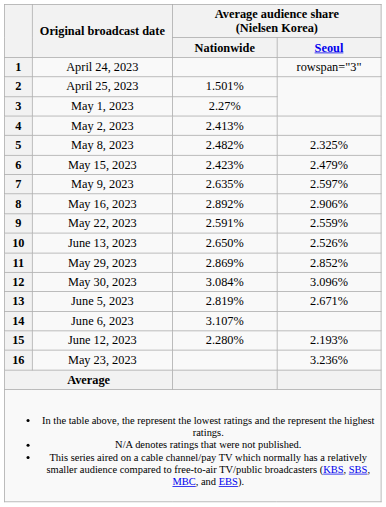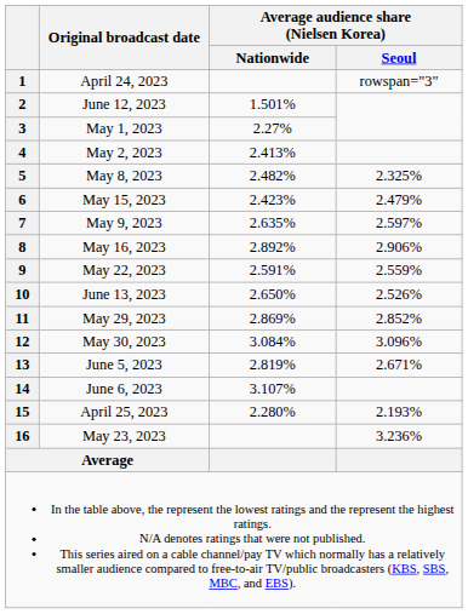 <table class="wikitable" style="margin-left:auto; margin-right:auto; width:490px; text-align:center">
 <tr>
 <th rowspan="2" scope="col"></th>
 <th rowspan="2" scope="col">Original broadcast date</th>
 <th colspan="2" scope="col">Average audience share<br>(Nielsen Korea)</th>
 </tr>
 <tr>
 <th scope="col" style="width:8em">Nationwide</th>
 <th scope="col" style="width:8em"><a href='#'>Seoul</a></th>
 </tr>
 <tr>
 <th scope="col">1</th>
 <td>April 24, 2023</td>
 <td><strong></strong> </td>
 <td>rowspan="3" </td>
 </tr>
 <tr>
 <th scope="col">2</th>
-<td>April 25, 2023</td>
+<td>June 12, 2023</td>
 <td>1.501% </td>
 </tr>
 <tr>
 <th scope="col">3</th>
 <td>May 1, 2023</td>
 <td>2.27% </td>
 </tr>
 <tr>
 <th scope="col">4</th>
 <td>May 2, 2023</td>
 <td>2.413% </td>
 <td><strong></strong> </td>
 </tr>
 <tr>
 <th scope="col">5</th>
 <td>May 8, 2023</td>
 <td>2.482% </td>
 <td>2.325% </td>
 </tr>
 <tr>
 <th scope="col">6</th>
 <td>May 15, 2023</td>
 <td>2.423% </td>
 <td>2.479% </td>
 </tr>
 <tr>
 <th scope="col">7</th>
 <td>May 9, 2023</td>
 <td>2.635% </td>
 <td>2.597% </td>
 </tr>
 <tr>
 <th scope="col">8</th>
 <td>May 16, 2023</td>
 <td>2.892% </td>
 <td>2.906% </td>
 </tr>
 <tr>
 <th scope="col">9</th>
 <td>May 22, 2023</td>
 <td>2.591% </td>
 <td>2.559% </td>
 </tr>
 <tr>
 <th scope="col">10</th>
 <td>June 13, 2023</td>
 <td>2.650% </td>
 <td>2.526% </td>
 </tr>
 <tr>
 <th scope="col">11</th>
 <td>May 29, 2023</td>
 <td>2.869% </td>
 <td>2.852% </td>
 </tr>
 <tr>
 <th scope="col">12</th>
 <td>May 30, 2023</td>
 <td>3.084% </td>
 <td>3.096% </td>
 </tr>
 <tr>
 <th scope="col">13</th>
 <td>June 5, 2023</td>
 <td>2.819% </td>
 <td>2.671% </td>
 </tr>
 <tr>
 <th scope="col">14</th>
 <td>June 6, 2023</td>
 <td>3.107% </td>
 <td><strong></strong> </td>
 </tr>
 <tr>
 <th scope="col">15</th>
-<td>June 12, 2023</td>
+<td>April 25, 2023</td>
 <td>2.280% </td>
 <td>2.193% </td>
 </tr>
 <tr>
 <th scope="col">16</th>
 <td>May 23, 2023</td>
 <td><strong></strong> </td>
 <td>3.236% </td>
 </tr>
 <tr>
 <th colspan="2" scope="col">Average</th>
 <th scope="col"></th>
 <th scope="col"></th>
 </tr>
 <tr>
 <td colspan="4" style="font-size:85%"><br><ul><li>In the table above, the <strong></strong> represent the lowest ratings and the <strong></strong> represent the highest ratings.</li><li>N/A denotes ratings that were not published.</li><li>This series aired on a cable channel/pay TV which normally has a relatively smaller audience compared to free-to-air TV/public broadcasters (<a href='#'>KBS</a>, <a href='#'>SBS</a>, <a href='#'>MBC</a>, and <a href='#'>EBS</a>).</li></ul></td>
 </tr>
 </table>
